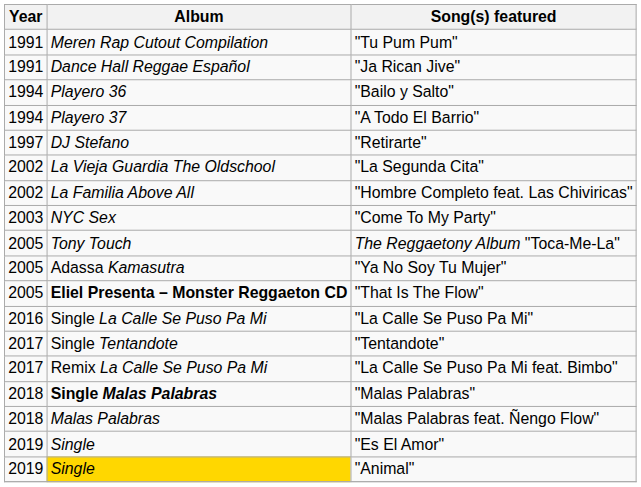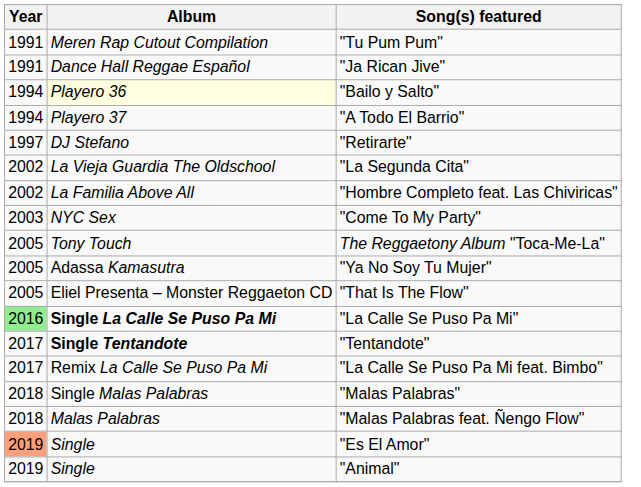 <table class="wikitable">
 <tr>
 <th>Year</th>
 <th>Album</th>
 <th>Song(s) featured</th>
 </tr>
 <tr>
 <td>1991</td>
 <td><em>Meren Rap Cutout Compilation</em></td>
 <td>"Tu Pum Pum"</td>
 </tr>
 <tr>
 <td>1991</td>
 <td><em>Dance Hall Reggae Español</em></td>
 <td>"Ja Rican Jive"</td>
 </tr>
 <tr>
 <td>1994</td>
-<td><em>Playero 36</em></td>
+<td style="background: lightyellow;"><em>Playero 36</em></td>
 <td>"Bailo y Salto"</td>
 </tr>
 <tr>
 <td>1994</td>
 <td><em>Playero 37</em></td>
 <td>"A Todo El Barrio"</td>
 </tr>
 <tr>
 <td>1997</td>
 <td><em>DJ Stefano</em></td>
 <td>"Retirarte"</td>
 </tr>
 <tr>
 <td>2002</td>
 <td><em>La Vieja Guardia The Oldschool</em></td>
 <td>"La Segunda Cita"</td>
 </tr>
 <tr>
 <td>2002</td>
 <td><em> La Familia Above All</em></td>
 <td>"Hombre Completo feat. Las Chiviricas"</td>
 </tr>
 <tr>
 <td>2003</td>
 <td><em>NYC Sex</em></td>
 <td>"Come To My Party"</td>
 </tr>
 <tr>
 <td>2005</td>
 <td><em>Tony Touch</em></td>
 <td><em>The Reggaetony Album</em> "Toca-Me-La"</td>
 </tr>
 <tr>
 <td>2005</td>
 <td>Adassa <em>Kamasutra</em></td>
 <td>"Ya No Soy Tu Mujer"</td>
 </tr>
 <tr>
 <td>2005</td>
-<td><strong>Eliel Presenta – Monster Reggaeton CD</strong></td>
+<td>Eliel Presenta – Monster Reggaeton CD</td>
 <td>"That Is The Flow"</td>
 </tr>
 <tr>
-<td>2016</td>
-<td>Single <em>La Calle Se Puso Pa Mi</em></td>
+<td style="background: lightgreen;">2016</td>
+<td><strong>Single <em>La Calle Se Puso Pa Mi</em></strong></td>
 <td>"La Calle Se Puso Pa Mi"</td>
 </tr>
 <tr>
 <td>2017</td>
-<td>Single <em>Tentandote</em></td>
+<td><strong>Single <em>Tentandote</em></strong></td>
 <td>"Tentandote"</td>
 </tr>
 <tr>
 <td>2017</td>
 <td>Remix <em> La Calle Se Puso Pa Mi</em></td>
 <td>"La Calle Se Puso Pa Mi feat. Bimbo"</td>
 </tr>
 <tr>
 <td>2018</td>
-<td><strong>Single <em>Malas Palabras</em></strong></td>
+<td>Single <em>Malas Palabras</em></td>
 <td>"Malas Palabras"</td>
 </tr>
 <tr>
 <td>2018</td>
 <td><em>Malas Palabras</em></td>
 <td>"Malas Palabras feat. Ñengo Flow"</td>
 </tr>
 <tr>
-<td>2019</td>
+<td style="background: lightsalmon;">2019</td>
 <td><em>Single</em></td>
 <td>"Es El Amor"</td>
 </tr>
 <tr>
 <td>2019</td>
-<td style="background: gold;"><em>Single</em></td>
+<td><em>Single</em></td>
 <td>"Animal"</td>
 </tr>
 <tr>
 </tr>
 </table>
